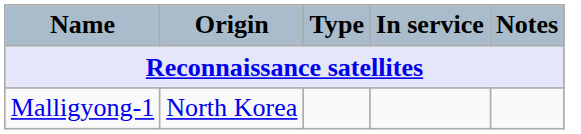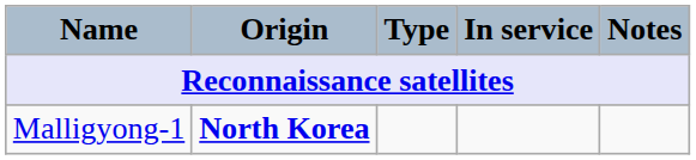 <table class="wikitable">
 <tr>
 <th style="text-align:center; background:#aabccc;">Name</th>
 <th style="text-align: center; background:#aabccc;">Origin</th>
 <th style="text-align:l center; background:#aabccc;">Type</th>
 <th style="text-align:l center; background:#aabccc;">In service</th>
 <th style="text-align: center; background:#aabccc;">Notes</th>
 </tr>
 <tr>
 <th style="align: center; background: lavender;" colspan="7"><a href='#'>Reconnaissance satellites</a></th>
 </tr>
 <tr>
 <td><a href='#'>Malligyong-1</a></td>
-<td><a href='#'>North Korea</a></td>
+<td><strong><a href='#'>North Korea</a></strong></td>
 <td></td>
 <td></td>
 <td></td>
 </tr>
 </table>
